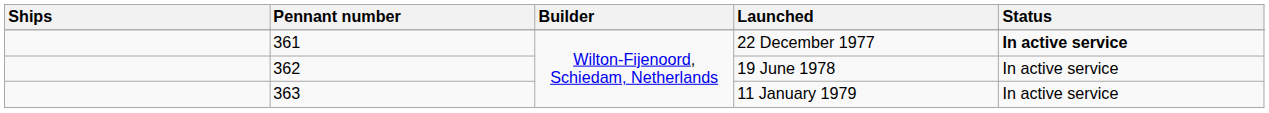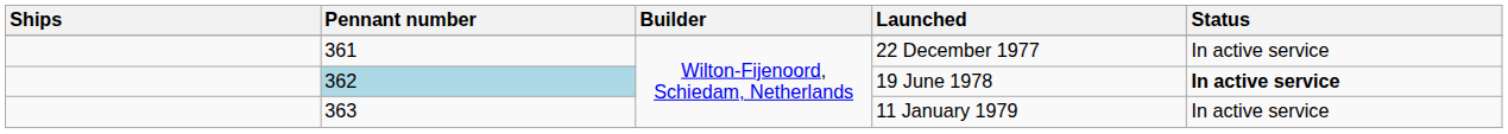 <table class="wikitable">
 <tr>
 <th style="text-align:left; width:20%;">Ships</th>
 <th style="text-align:left; width:20%">Pennant number</th>
 <th style="text-align:left; width:15%">Builder</th>
 <th style="text-align:left; width:20%;">Launched</th>
 <th style="text-align:left; width:20%;">Status</th>
 </tr>
 <tr>
 </tr>
 <tr>
 <td></td>
 <td>361</td>
 <td rowspan=3 align=center><a href='#'>Wilton-Fijenoord</a>, <a href='#'>Schiedam, Netherlands</a></td>
 <td>22 December 1977</td>
-<td><strong>In active service</strong></td>
+<td>In active service</td>
 </tr>
 <tr>
 <td></td>
-<td>362</td>
+<td style="background: lightblue;">362</td>
 <td>19 June 1978</td>
-<td>In active service</td>
+<td><strong>In active service</strong></td>
 </tr>
 <tr>
 <td></td>
 <td>363</td>
 <td>11 January 1979</td>
 <td>In active service</td>
 </tr>
 </table>
